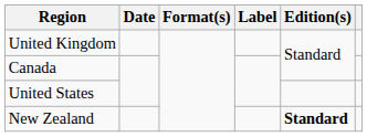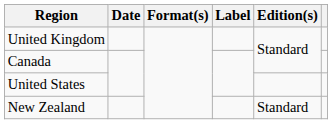 <table class="wikitable plainrowheaders">
 <tr>
 <th scope="col">Region</th>
 <th scope="col">Date</th>
 <th scope="col">Format(s)</th>
 <th scope="col">Label</th>
 <th scope="col">Edition(s)</th>
 <th scope="col"></th>
 </tr>
 <tr>
 <td>United Kingdom</td>
 <td></td>
 <td rowspan="4"></td>
 <td></td>
 <td rowspan="2">Standard</td>
 <td></td>
 </tr>
 <tr>
 <td>Canada</td>
 <td rowspan="2"></td>
 <td rowspan="2"></td>
 <td></td>
 </tr>
 <tr>
 <td>United States</td>
 <td></td>
 <td></td>
 </tr>
 <tr>
 <td>New Zealand</td>
 <td></td>
 <td></td>
-<td><strong>Standard</strong></td>
+<td>Standard</td>
 <td></td>
 </tr>
 </table>
